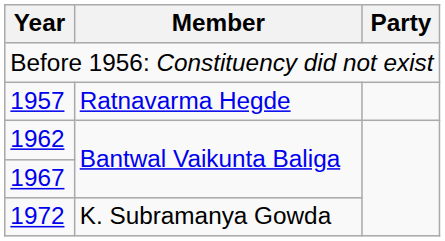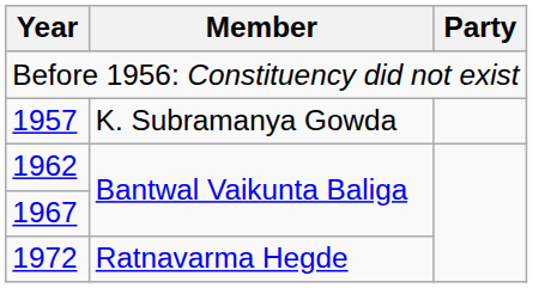 <table class="wikitable sortable">
 <tr>
 <th>Year</th>
 <th>Member</th>
 <th colspan="2">Party</th>
 </tr>
 <tr>
 <td colspan=4>Before 1956: <em>Constituency did not exist</em></td>
 </tr>
 <tr>
 <td><a href='#'>1957</a></td>
-<td><a href='#'>Ratnavarma Hegde</a></td>
+<td>K. Subramanya Gowda</td>
 <td></td>
 </tr>
 <tr>
 <td><a href='#'>1962</a></td>
 <td rowspan="2"><a href='#'>Bantwal Vaikunta Baliga</a></td>
 </tr>
 <tr>
 <td><a href='#'>1967</a></td>
 </tr>
 <tr>
 <td><a href='#'>1972</a></td>
-<td>K. Subramanya Gowda</td>
+<td><a href='#'>Ratnavarma Hegde</a></td>
 </tr>
 </table>
